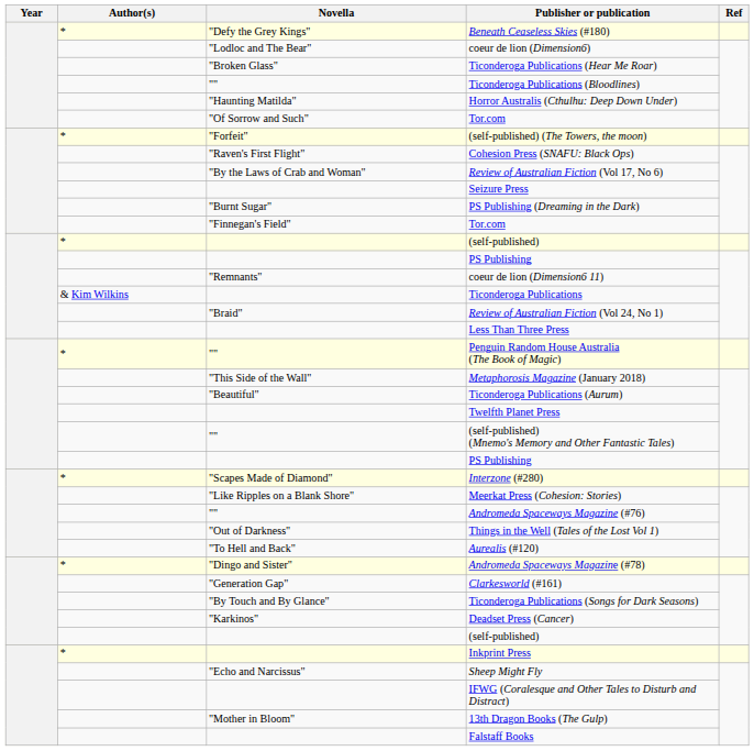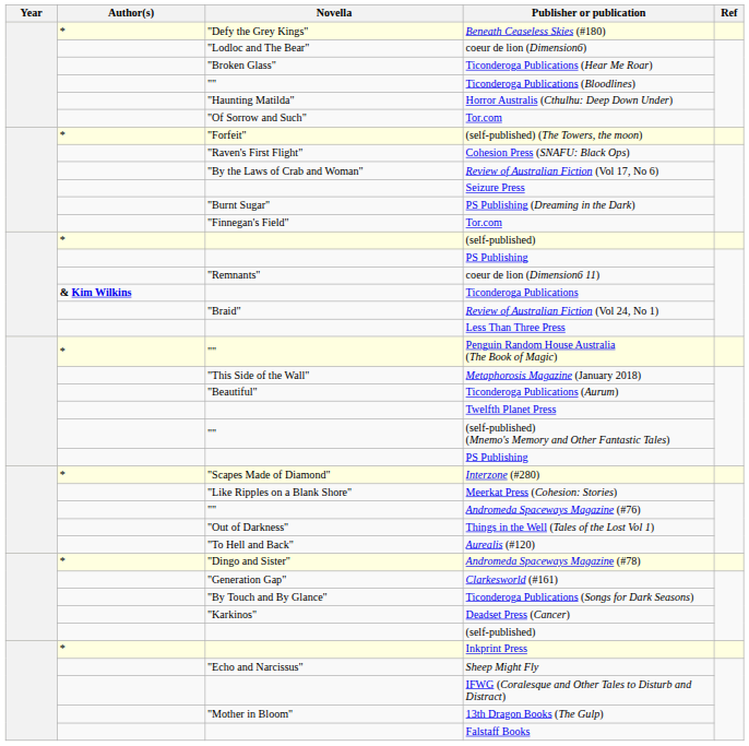 <table class="sortable wikitable" width="85%" cellpadding="5" style="margin: 1em auto 1em auto">
 <tr>
 <th width="7%">Year</th>
 <th width="20%">Author(s)</th>
 <th width="35%">Novella</th>
 <th width="34%">Publisher or publication</th>
 <th width="4%" class="unsortable">Ref</th>
 </tr>
 <tr style="background:lightyellow;">
 <th rowspan="6" align="center"></th>
 <td>*</td>
 <td>"Defy the Grey Kings"</td>
 <td><em><a href='#'>Beneath Ceaseless Skies</a></em> (#180)</td>
 <td></td>
 </tr>
 <tr>
 <td></td>
 <td>"Lodloc and The Bear"</td>
 <td>coeur de lion (<em>Dimension6</em>)</td>
 <td rowspan="5"></td>
 </tr>
 <tr>
 <td></td>
 <td>"Broken Glass"</td>
 <td><a href='#'>Ticonderoga Publications</a> (<em>Hear Me Roar</em>)</td>
 </tr>
 <tr>
 <td></td>
 <td>""</td>
 <td><a href='#'>Ticonderoga Publications</a> (<em>Bloodlines</em>)</td>
 </tr>
 <tr>
 <td></td>
 <td>"Haunting Matilda"</td>
 <td><a href='#'>Horror Australis</a> (<em>Cthulhu: Deep Down Under</em>)</td>
 </tr>
 <tr>
 <td></td>
 <td>"Of Sorrow and Such"</td>
 <td><a href='#'>Tor.com</a></td>
 </tr>
 <tr style="background:lightyellow;">
 <th rowspan="6" align="center"></th>
 <td>*</td>
 <td>"Forfeit"</td>
 <td>(self-published) (<em>The Towers, the moon</em>)</td>
 <td></td>
 </tr>
 <tr>
 <td></td>
 <td>"Raven's First Flight"</td>
 <td><a href='#'>Cohesion Press</a> (<em>SNAFU: Black Ops</em>)</td>
 <td rowspan="5"></td>
 </tr>
 <tr>
 <td></td>
 <td>"By the Laws of Crab and Woman"</td>
 <td><em><a href='#'>Review of Australian Fiction</a></em> (Vol 17, No 6)</td>
 </tr>
 <tr>
 <td></td>
 <td></td>
 <td><a href='#'>Seizure Press</a></td>
 </tr>
 <tr>
 <td></td>
 <td>"Burnt Sugar"</td>
 <td><a href='#'>PS Publishing</a> (<em>Dreaming in the Dark</em>)</td>
 </tr>
 <tr>
 <td></td>
 <td>"Finnegan's Field"</td>
 <td><a href='#'>Tor.com</a></td>
 </tr>
 <tr style="background:lightyellow;">
 <th rowspan="6" align="center"></th>
 <td>*</td>
 <td></td>
 <td>(self-published)</td>
 <td></td>
 </tr>
 <tr>
 <td></td>
 <td></td>
 <td><a href='#'>PS Publishing</a></td>
 <td rowspan="5"></td>
 </tr>
 <tr>
 <td></td>
 <td>"Remnants"</td>
 <td>coeur de lion (<em>Dimension6 11</em>)</td>
 </tr>
 <tr>
-<td> & <a href='#'>Kim Wilkins</a></td>
+<td><strong> & <a href='#'>Kim Wilkins</a></strong></td>
 <td></td>
 <td><a href='#'>Ticonderoga Publications</a></td>
 </tr>
 <tr>
 <td></td>
 <td>"Braid"</td>
 <td><em><a href='#'>Review of Australian Fiction</a></em> (Vol 24, No 1)</td>
 </tr>
 <tr>
 <td></td>
 <td></td>
 <td><a href='#'>Less Than Three Press</a></td>
 </tr>
 <tr style="background:lightyellow;">
 <th rowspan="6" align="center"></th>
 <td>*</td>
 <td>""</td>
 <td><a href='#'>Penguin Random House Australia</a><br>(<em>The Book of Magic</em>)</td>
 <td></td>
 </tr>
 <tr>
 <td></td>
 <td>"This Side of the Wall"</td>
 <td><em><a href='#'>Metaphorosis Magazine</a></em> (January 2018)</td>
 <td rowspan="5"></td>
 </tr>
 <tr>
 <td></td>
 <td>"Beautiful"</td>
 <td><a href='#'>Ticonderoga Publications</a> (<em>Aurum</em>)</td>
 </tr>
 <tr>
 <td></td>
 <td></td>
 <td><a href='#'>Twelfth Planet Press</a></td>
 </tr>
 <tr>
 <td></td>
 <td>""</td>
 <td>(self-published)<br>(<em>Mnemo's Memory and Other Fantastic Tales</em>)</td>
 </tr>
 <tr>
 <td></td>
 <td><em></em></td>
 <td><a href='#'>PS Publishing</a></td>
 </tr>
 <tr style="background:lightyellow;">
 <th rowspan="5" align="center"></th>
 <td>*</td>
 <td>"Scapes Made of Diamond"</td>
 <td><em><a href='#'>Interzone</a></em> (#280)</td>
 <td></td>
 </tr>
 <tr>
 <td></td>
 <td>"Like Ripples on a Blank Shore"</td>
 <td><a href='#'>Meerkat Press</a> (<em>Cohesion: Stories</em>)</td>
 <td rowspan="4"></td>
 </tr>
 <tr>
 <td></td>
 <td>""</td>
 <td><em><a href='#'>Andromeda Spaceways Magazine</a></em> (#76)</td>
 </tr>
 <tr>
 <td></td>
 <td>"Out of Darkness"</td>
 <td><a href='#'>Things in the Well</a> (<em>Tales of the Lost Vol 1</em>)</td>
 </tr>
 <tr>
 <td></td>
 <td>"To Hell and Back"</td>
 <td><em><a href='#'>Aurealis</a></em> (#120)</td>
 </tr>
 <tr style="background:lightyellow;">
 <th rowspan="5" align="center"></th>
 <td>*</td>
 <td>"Dingo and Sister"</td>
 <td><a href='#'><em>Andromeda Spaceways Magazin</em>e</a> (#78)</td>
 <td></td>
 </tr>
 <tr>
 <td></td>
 <td>"Generation Gap"</td>
 <td><em><a href='#'>Clarkesworld</a></em> (#161)</td>
 <td rowspan="4"></td>
 </tr>
 <tr>
 <td></td>
 <td>"By Touch and By Glance"</td>
 <td><a href='#'>Ticonderoga Publications</a> (<em>Songs for Dark Seasons</em>)</td>
 </tr>
 <tr>
 <td></td>
 <td>"Karkinos"</td>
 <td><a href='#'>Deadset Press</a> (<em>Cancer</em>)</td>
 </tr>
 <tr>
 <td></td>
 <td></td>
 <td>(self-published)</td>
 </tr>
 <tr style="background:lightyellow;">
 <th rowspan="5"></th>
 <td>*</td>
 <td></td>
 <td><a href='#'>Inkprint Press</a></td>
 <td></td>
 </tr>
 <tr>
 <td></td>
 <td>"Echo and Narcissus"</td>
 <td><em>Sheep Might Fly</em></td>
 <td rowspan="4"></td>
 </tr>
 <tr>
 <td></td>
 <td></td>
 <td><a href='#'>IFWG</a> (<em>Coralesque and Other Tales to Disturb and Distract</em>)</td>
 </tr>
 <tr>
 <td></td>
 <td>"Mother in Bloom"</td>
 <td><a href='#'>13th Dragon Books</a> (<em>The Gulp</em>)</td>
 </tr>
 <tr>
 <td></td>
 <td></td>
 <td><a href='#'>Falstaff Books</a></td>
 </tr>
 </table>
